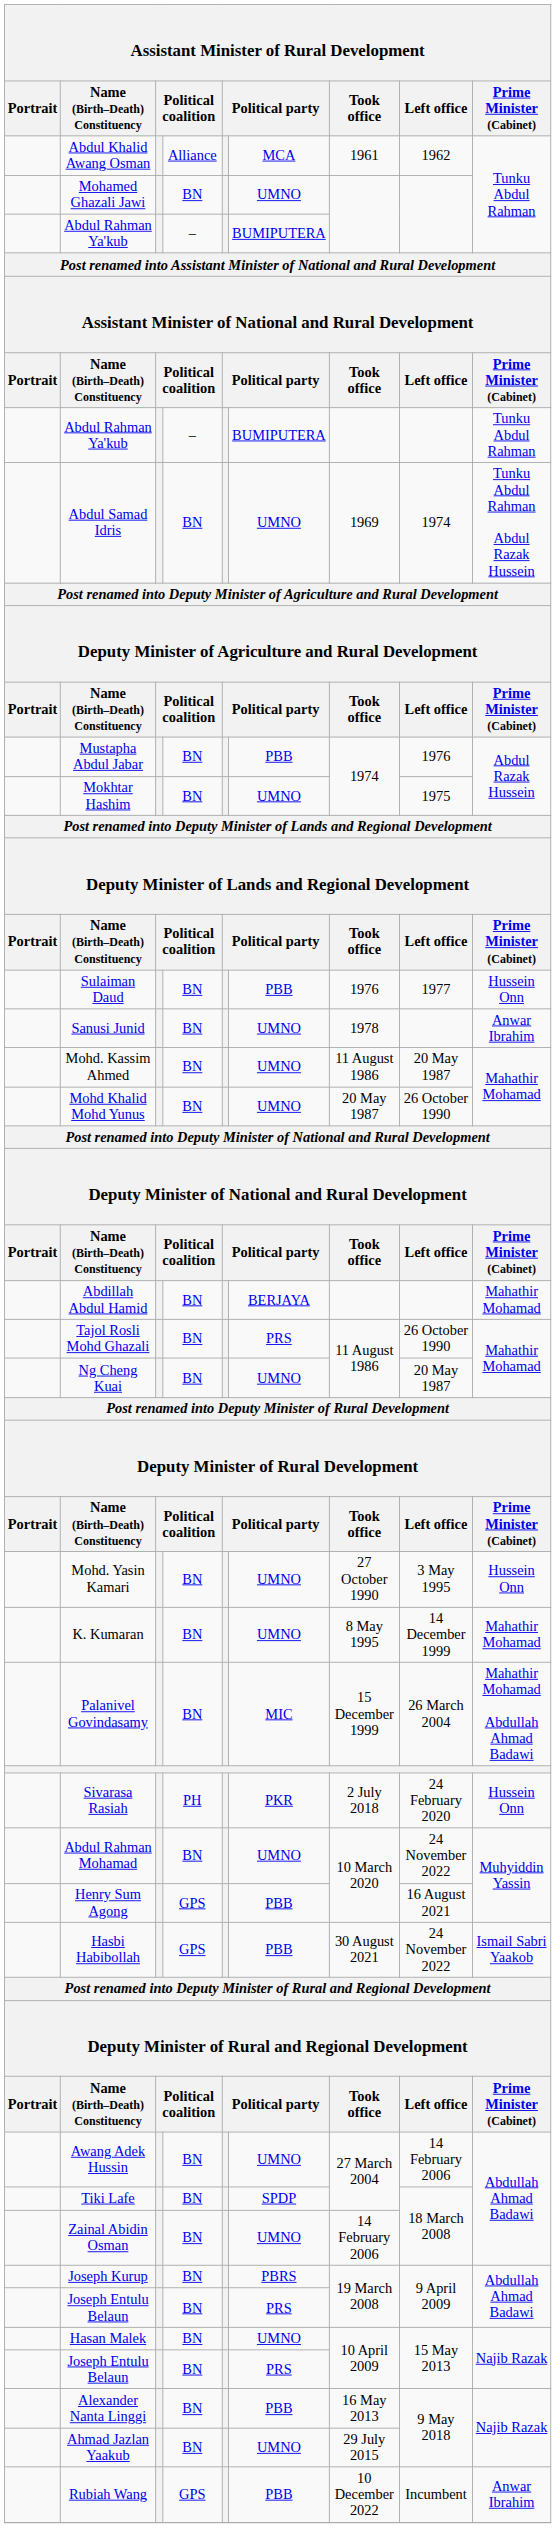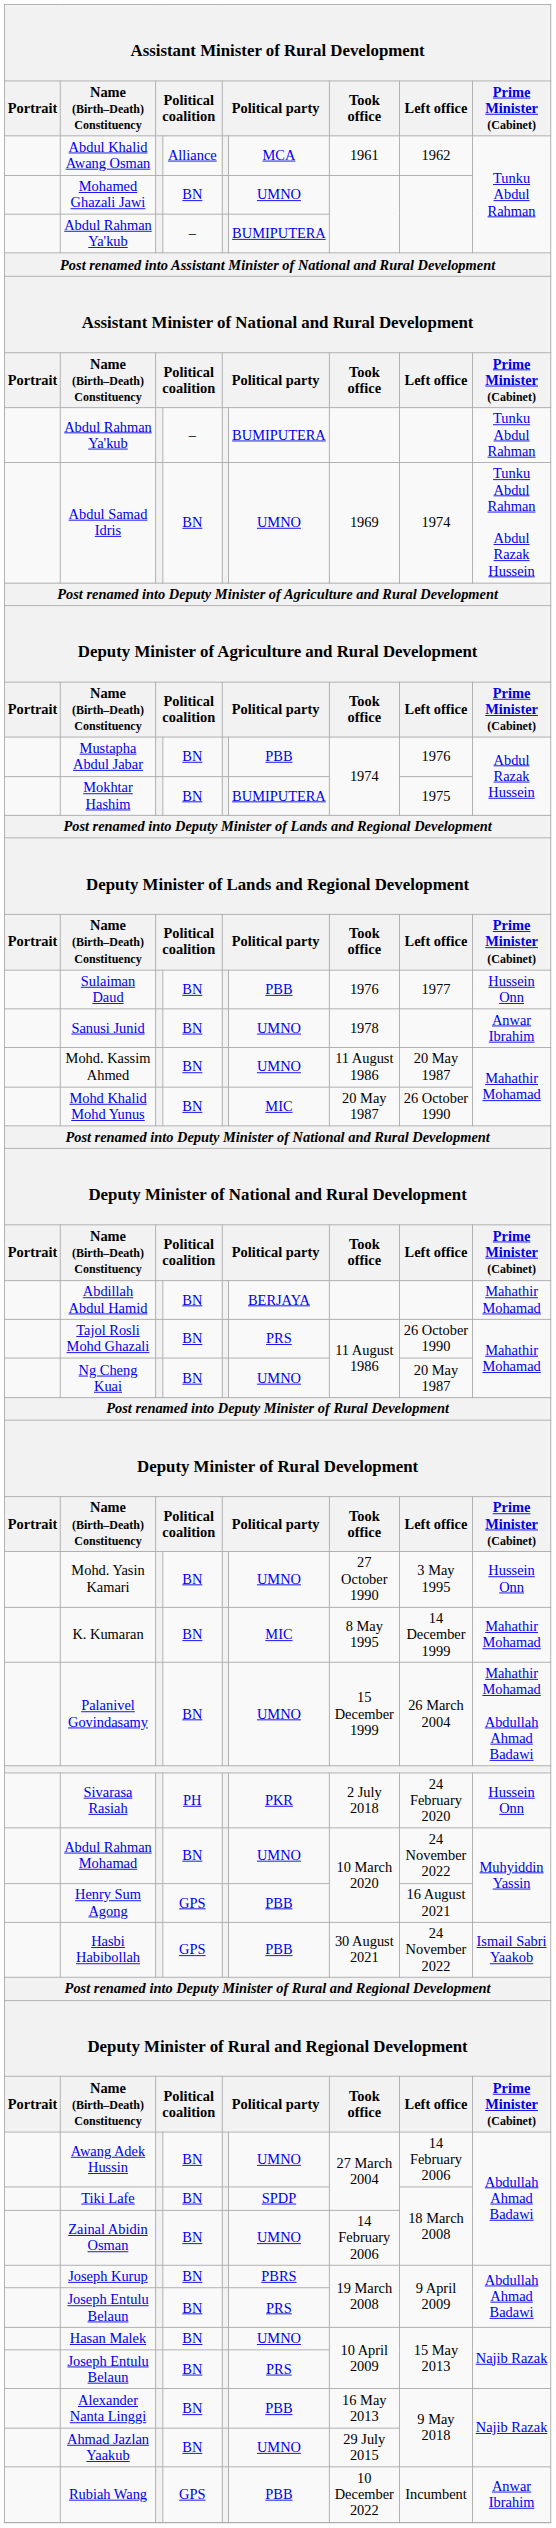 <table class="wikitable" style="text-align:center;">
 <tr>
 <th colspan="9"><br><h3>Assistant Minister of Rural Development</h3></th>
 </tr>
 <tr>
 <th>Portrait</th>
 <th>Name<br><small>(Birth–Death)<br>Constituency</small></th>
 <th colspan="2">Political coalition</th>
 <th colspan="2">Political party</th>
 <th>Took office</th>
 <th>Left office</th>
 <th><a href='#'>Prime Minister</a><br><small>(Cabinet)</small></th>
 </tr>
 <tr>
 <td></td>
 <td><a href='#'>Abdul Khalid Awang Osman</a><br></td>
 <th style="background:"></th>
 <td><a href='#'>Alliance</a></td>
 <th style="background:"></th>
 <td><a href='#'>MCA</a></td>
 <td>1961</td>
 <td>1962</td>
 <td rowspan=3><a href='#'>Tunku Abdul Rahman</a><br></td>
 </tr>
 <tr>
 <td></td>
 <td><a href='#'>Mohamed Ghazali Jawi</a><br></td>
 <th style="background:"></th>
 <td><a href='#'>BN</a></td>
 <th style="background:"></th>
 <td><a href='#'>UMNO</a></td>
 <td rowspan=2></td>
 <td rowspan=2></td>
 </tr>
 <tr>
 <td></td>
 <td><a href='#'>Abdul Rahman Ya'kub</a><br></td>
 <th style="background:"></th>
 <td>–</td>
 <th style="background:"></th>
 <td><a href='#'>BUMIPUTERA</a></td>
 </tr>
 <tr>
 <th colspan="9"><em>Post renamed into Assistant Minister of National and Rural Development</em></th>
 </tr>
 <tr>
 <th colspan="9"><br><h3>Assistant Minister of National and Rural Development</h3></th>
 </tr>
 <tr>
 <th>Portrait</th>
 <th>Name<br><small>(Birth–Death)<br>Constituency</small></th>
 <th colspan="2">Political coalition</th>
 <th colspan="2">Political party</th>
 <th>Took office</th>
 <th>Left office</th>
 <th><a href='#'>Prime Minister</a><br><small>(Cabinet)</small></th>
 </tr>
 <tr>
 <td></td>
 <td><a href='#'>Abdul Rahman Ya'kub</a><br></td>
 <th style="background:"></th>
 <td>–</td>
 <th style="background:"></th>
 <td><a href='#'>BUMIPUTERA</a></td>
 <td></td>
 <td></td>
 <td><a href='#'>Tunku Abdul Rahman</a><br></td>
 </tr>
 <tr>
 <td></td>
 <td><a href='#'>Abdul Samad Idris</a><br></td>
 <th style="background:"></th>
 <td><a href='#'>BN</a></td>
 <th style="background:"></th>
 <td><a href='#'>UMNO</a></td>
 <td>1969</td>
 <td>1974</td>
 <td><a href='#'>Tunku Abdul Rahman</a><br><br><a href='#'>Abdul Razak Hussein</a><br></td>
 </tr>
 <tr>
 <th colspan="9"><em>Post renamed into Deputy Minister of Agriculture and Rural Development</em></th>
 </tr>
 <tr>
 <th colspan="9"><br><h3>Deputy Minister of Agriculture and Rural Development</h3></th>
 </tr>
 <tr>
 <th>Portrait</th>
 <th>Name<br><small>(Birth–Death)<br>Constituency</small></th>
 <th colspan="2">Political coalition</th>
 <th colspan="2">Political party</th>
 <th>Took office</th>
 <th>Left office</th>
 <th><a href='#'>Prime Minister</a><br><small>(Cabinet)</small></th>
 </tr>
 <tr>
 <td></td>
 <td><a href='#'>Mustapha Abdul Jabar</a><br></td>
 <th style="background:"></th>
 <td><a href='#'>BN</a></td>
 <th style="background:"></th>
 <td><a href='#'>PBB</a></td>
 <td rowspan=2>1974</td>
 <td>1976</td>
 <td rowspan=2><a href='#'>Abdul Razak Hussein</a><br></td>
 </tr>
 <tr>
 <td></td>
 <td><a href='#'>Mokhtar Hashim</a><br></td>
 <th style="background:"></th>
 <td><a href='#'>BN</a></td>
 <th style="background:"></th>
-<td><a href='#'>UMNO</a></td>
+<td><a href='#'>BUMIPUTERA</a></td>
 <td>1975</td>
 </tr>
 <tr>
 <th colspan="9"><em>Post renamed into Deputy Minister of Lands and Regional Development</em></th>
 </tr>
 <tr>
 <th colspan="9"><br><h3>Deputy Minister of Lands and Regional Development</h3></th>
 </tr>
 <tr>
 <th>Portrait</th>
 <th>Name<br><small>(Birth–Death)<br>Constituency</small></th>
 <th colspan="2">Political coalition</th>
 <th colspan="2">Political party</th>
 <th>Took office</th>
 <th>Left office</th>
 <th><a href='#'>Prime Minister</a><br><small>(Cabinet)</small></th>
 </tr>
 <tr>
 <td></td>
 <td><a href='#'>Sulaiman Daud</a><br></td>
 <th style="background:"></th>
 <td><a href='#'>BN</a></td>
 <th style="background:"></th>
 <td><a href='#'>PBB</a></td>
 <td>1976</td>
 <td>1977</td>
 <td><a href='#'>Hussein Onn</a><br></td>
 </tr>
 <tr>
 <td></td>
 <td><a href='#'>Sanusi Junid</a><br></td>
 <th style="background:"></th>
 <td><a href='#'>BN</a></td>
 <th style="background:"></th>
 <td><a href='#'>UMNO</a></td>
 <td>1978</td>
 <td></td>
 <td><a href='#'>Anwar Ibrahim</a><br></td>
 </tr>
 <tr>
 <td></td>
 <td>Mohd. Kassim Ahmed<br></td>
 <th style="background:"></th>
 <td><a href='#'>BN</a></td>
 <th style="background:"></th>
 <td><a href='#'>UMNO</a></td>
 <td>11 August 1986</td>
 <td>20 May 1987</td>
 <td rowspan=2><a href='#'>Mahathir Mohamad</a><br></td>
 </tr>
 <tr>
 <td></td>
 <td><a href='#'>Mohd Khalid Mohd Yunus</a><br></td>
 <th style="background:"></th>
 <td><a href='#'>BN</a></td>
 <th style="background:"></th>
-<td><a href='#'>UMNO</a></td>
+<td><a href='#'>MIC</a></td>
 <td>20 May 1987</td>
 <td>26 October 1990</td>
 </tr>
 <tr>
 <th colspan="9"><em>Post renamed into Deputy Minister of National and Rural Development</em></th>
 </tr>
 <tr>
 <th colspan="9"><br><h3>Deputy Minister of National and Rural Development</h3></th>
 </tr>
 <tr>
 <th>Portrait</th>
 <th>Name<br><small>(Birth–Death)<br>Constituency</small></th>
 <th colspan="2">Political coalition</th>
 <th colspan="2">Political party</th>
 <th>Took office</th>
 <th>Left office</th>
 <th><a href='#'>Prime Minister</a><br><small>(Cabinet)</small></th>
 </tr>
 <tr>
 <td></td>
 <td><a href='#'>Abdillah Abdul Hamid</a><br></td>
 <th style="background:"></th>
 <td><a href='#'>BN</a></td>
 <th style="background:"></th>
 <td><a href='#'>BERJAYA</a></td>
 <td></td>
 <td></td>
 <td><a href='#'>Mahathir Mohamad</a><br></td>
 </tr>
 <tr>
 <td></td>
 <td><a href='#'>Tajol Rosli Mohd Ghazali</a><br></td>
 <th style="background:"></th>
 <td><a href='#'>BN</a></td>
 <th style="background:"></th>
 <td><a href='#'>PRS</a></td>
 <td rowspan=2>11 August 1986</td>
 <td>26 October 1990</td>
 <td rowspan=2><a href='#'>Mahathir Mohamad</a><br></td>
 </tr>
 <tr>
 <td></td>
 <td><a href='#'>Ng Cheng Kuai</a><br></td>
 <th style="background:"></th>
 <td><a href='#'>BN</a></td>
 <th style="background:"></th>
 <td><a href='#'>UMNO</a></td>
 <td>20 May 1987</td>
 </tr>
 <tr>
 <th colspan="9"><em>Post renamed into Deputy Minister of Rural Development</em></th>
 </tr>
 <tr>
 <th colspan="9"><br><h3>Deputy Minister of Rural Development</h3></th>
 </tr>
 <tr>
 <th>Portrait</th>
 <th>Name<br><small>(Birth–Death)<br>Constituency</small></th>
 <th colspan="2">Political coalition</th>
 <th colspan="2">Political party</th>
 <th>Took office</th>
 <th>Left office</th>
 <th><a href='#'>Prime Minister</a><br><small>(Cabinet)</small></th>
 </tr>
 <tr>
 <td></td>
 <td>Mohd. Yasin Kamari<br></td>
 <th style="background:"></th>
 <td><a href='#'>BN</a></td>
 <th style="background:"></th>
 <td><a href='#'>UMNO</a></td>
 <td>27 October 1990</td>
 <td>3 May 1995</td>
 <td><a href='#'>Hussein Onn</a><br></td>
 </tr>
 <tr>
 <td></td>
 <td>K. Kumaran<br></td>
 <th style="background:"></th>
 <td><a href='#'>BN</a></td>
 <th style="background:"></th>
-<td><a href='#'>UMNO</a></td>
+<td><a href='#'>MIC</a></td>
 <td>8 May 1995</td>
 <td>14 December 1999</td>
 <td><a href='#'>Mahathir Mohamad</a><br></td>
 </tr>
 <tr>
 <td></td>
 <td><a href='#'>Palanivel Govindasamy</a><br></td>
 <th style="background:"></th>
 <td><a href='#'>BN</a></td>
 <th style="background:"></th>
-<td><a href='#'>MIC</a></td>
+<td><a href='#'>UMNO</a></td>
 <td>15 December 1999</td>
 <td>26 March 2004</td>
 <td><a href='#'>Mahathir Mohamad</a><br><br><a href='#'>Abdullah Ahmad Badawi</a><br></td>
 </tr>
 <tr>
 <th colspan="9" bgcolor="cccccc"></th>
 </tr>
 <tr>
 <td></td>
 <td><a href='#'>Sivarasa Rasiah</a><br></td>
 <th style="background:"></th>
 <td><a href='#'>PH</a></td>
 <th style="background:"></th>
 <td><a href='#'>PKR</a></td>
 <td>2 July 2018</td>
 <td>24 February 2020</td>
 <td><a href='#'>Hussein Onn</a><br></td>
 </tr>
 <tr>
 <td></td>
 <td><a href='#'>Abdul Rahman Mohamad</a><br></td>
 <th style="background:"></th>
 <td><a href='#'>BN</a></td>
 <th style="background:"></th>
 <td><a href='#'>UMNO</a></td>
 <td rowspan=2>10 March 2020</td>
 <td>24 November 2022</td>
 <td rowspan=2><a href='#'>Muhyiddin Yassin</a><br></td>
 </tr>
 <tr>
 <td></td>
 <td><a href='#'>Henry Sum Agong</a><br></td>
 <th style="background:"></th>
 <td><a href='#'>GPS</a></td>
 <th style="background:"></th>
 <td><a href='#'>PBB</a></td>
 <td>16 August 2021</td>
 </tr>
 <tr>
 <td></td>
 <td><a href='#'>Hasbi Habibollah</a><br></td>
 <th style="background:"></th>
 <td><a href='#'>GPS</a></td>
 <th style="background:"></th>
 <td><a href='#'>PBB</a></td>
 <td>30 August 2021</td>
 <td>24 November 2022</td>
 <td><a href='#'>Ismail Sabri Yaakob</a><br></td>
 </tr>
 <tr>
 <th colspan="9"><em>Post renamed into Deputy Minister of Rural and Regional Development</em></th>
 </tr>
 <tr>
 <th colspan="9"><br><h3>Deputy Minister of Rural and Regional Development</h3></th>
 </tr>
 <tr>
 <th>Portrait</th>
 <th>Name<br><small>(Birth–Death)<br>Constituency</small></th>
 <th colspan="2">Political coalition</th>
 <th colspan="2">Political party</th>
 <th>Took office</th>
 <th>Left office</th>
 <th><a href='#'>Prime Minister</a><br><small>(Cabinet)</small></th>
 </tr>
 <tr>
 <td></td>
 <td><a href='#'>Awang Adek Hussin</a><br></td>
 <th style="background:"></th>
 <td><a href='#'>BN</a></td>
 <th style="background:"></th>
 <td><a href='#'>UMNO</a></td>
 <td rowspan=2>27 March 2004</td>
 <td>14 February 2006</td>
 <td rowspan=3><a href='#'>Abdullah Ahmad Badawi</a><br></td>
 </tr>
 <tr>
 <td></td>
 <td><a href='#'>Tiki Lafe</a><br></td>
 <th style="background:"></th>
 <td><a href='#'>BN</a></td>
 <th style="background:"></th>
 <td><a href='#'>SPDP</a></td>
 <td rowspan=2>18 March 2008</td>
 </tr>
 <tr>
 <td></td>
 <td><a href='#'>Zainal Abidin Osman</a><br></td>
 <th style="background:"></th>
 <td><a href='#'>BN</a></td>
 <th style="background:"></th>
 <td><a href='#'>UMNO</a></td>
 <td>14 February 2006</td>
 </tr>
 <tr>
 <td></td>
 <td><a href='#'>Joseph Kurup</a><br></td>
 <th style="background:"></th>
 <td><a href='#'>BN</a></td>
 <th style="background:"></th>
 <td><a href='#'>PBRS</a></td>
 <td rowspan=2>19 March 2008</td>
 <td rowspan=2>9 April 2009</td>
 <td rowspan=2><a href='#'>Abdullah Ahmad Badawi</a><br></td>
 </tr>
 <tr>
 <td></td>
 <td><a href='#'>Joseph Entulu Belaun</a><br></td>
 <th style="background:"></th>
 <td><a href='#'>BN</a></td>
 <th style="background:"></th>
 <td><a href='#'>PRS</a></td>
 </tr>
 <tr>
 <td></td>
 <td><a href='#'>Hasan Malek</a><br></td>
 <th style="background:"></th>
 <td><a href='#'>BN</a></td>
 <th style="background:"></th>
 <td><a href='#'>UMNO</a></td>
 <td rowspan=2>10 April 2009</td>
 <td rowspan=2>15 May 2013</td>
 <td rowspan=2><a href='#'>Najib Razak</a><br></td>
 </tr>
 <tr>
 <td></td>
 <td><a href='#'>Joseph Entulu Belaun</a><br></td>
 <th style="background:"></th>
 <td><a href='#'>BN</a></td>
 <th style="background:"></th>
 <td><a href='#'>PRS</a></td>
 </tr>
 <tr>
 <td></td>
 <td><a href='#'>Alexander Nanta Linggi</a><br></td>
 <th style="background:"></th>
 <td><a href='#'>BN</a></td>
 <th style="background:"></th>
 <td><a href='#'>PBB</a></td>
 <td>16 May 2013</td>
 <td rowspan=2>9 May 2018</td>
 <td rowspan=2><a href='#'>Najib Razak</a><br></td>
 </tr>
 <tr>
 <td></td>
 <td><a href='#'>Ahmad Jazlan Yaakub</a><br></td>
 <th style="background:"></th>
 <td><a href='#'>BN</a></td>
 <th style="background:"></th>
 <td><a href='#'>UMNO</a></td>
 <td>29 July 2015</td>
 </tr>
 <tr>
 <td></td>
 <td><a href='#'>Rubiah Wang</a><br></td>
 <th style="background:"></th>
 <td><a href='#'>GPS</a></td>
 <th style="background:"></th>
 <td><a href='#'>PBB</a></td>
 <td>10 December<br>2022</td>
 <td>Incumbent</td>
 <td><a href='#'>Anwar Ibrahim</a><br></td>
 </tr>
 <tr>
 </tr>
 </table>
